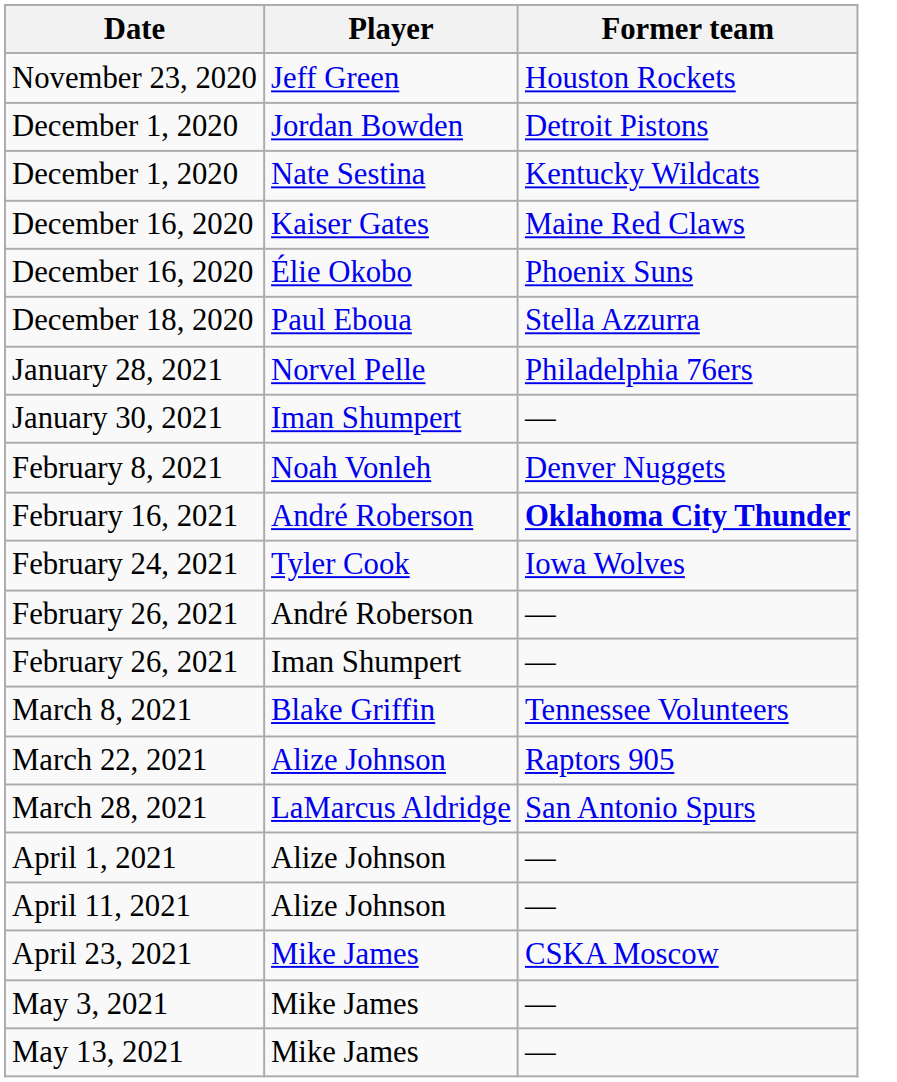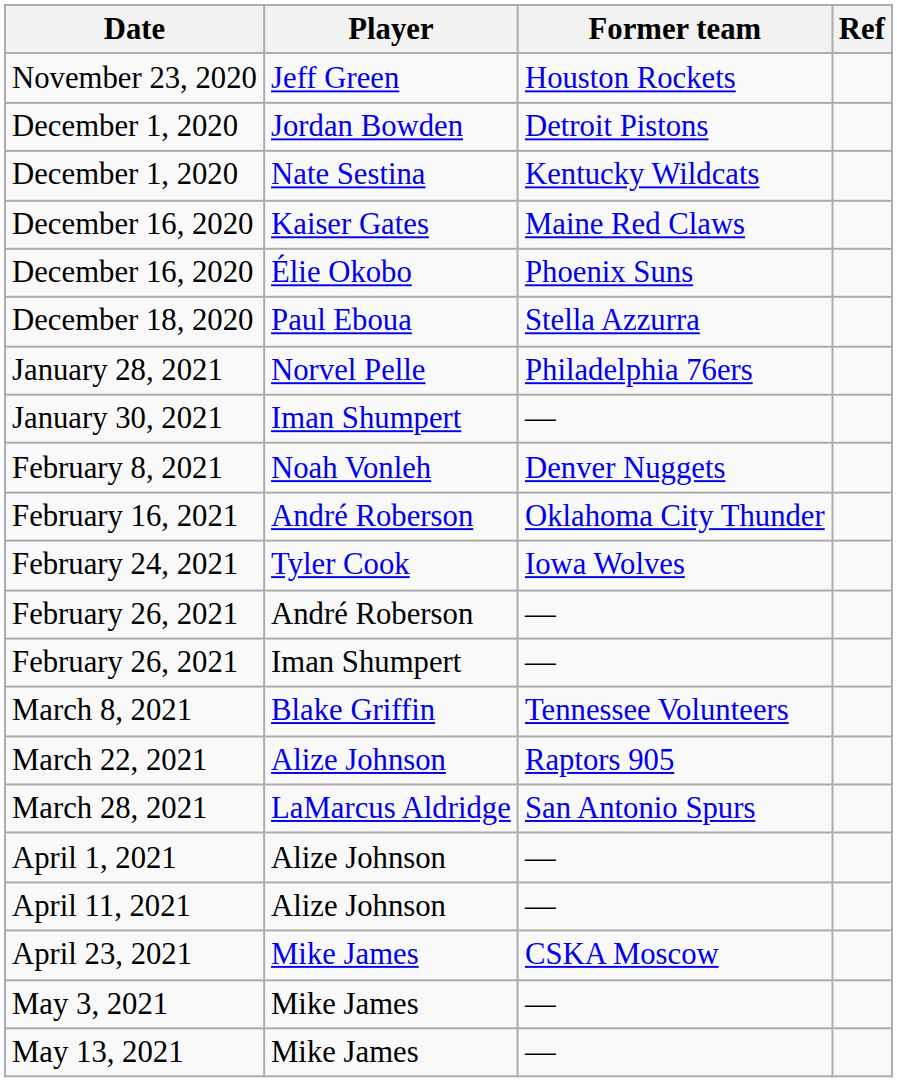 <table class="wikitable" style="text-align:left;">
 <tr>
 <th>Date</th>
 <th>Player</th>
 <th>Former team</th>
+<th>Ref</th>
 </tr>
 <tr>
 <td>November 23, 2020</td>
 <td><a href='#'>Jeff Green</a></td>
 <td><a href='#'>Houston Rockets</a></td>
+<td></td>
 </tr>
 <tr>
 <td>December 1, 2020</td>
 <td><a href='#'>Jordan Bowden</a></td>
 <td><a href='#'>Detroit Pistons</a></td>
+<td></td>
 </tr>
 <tr>
 <td>December 1, 2020</td>
 <td><a href='#'>Nate Sestina</a></td>
 <td><a href='#'>Kentucky Wildcats</a></td>
+<td></td>
 </tr>
 <tr>
 <td>December 16, 2020</td>
 <td><a href='#'>Kaiser Gates</a></td>
 <td><a href='#'>Maine Red Claws</a></td>
+<td></td>
 </tr>
 <tr>
 <td>December 16, 2020</td>
 <td><a href='#'>Élie Okobo</a></td>
 <td><a href='#'>Phoenix Suns</a></td>
+<td></td>
 </tr>
 <tr>
 <td>December 18, 2020</td>
 <td><a href='#'>Paul Eboua</a></td>
 <td><a href='#'>Stella Azzurra</a></td>
+<td></td>
 </tr>
 <tr>
 <td>January 28, 2021</td>
 <td><a href='#'>Norvel Pelle</a></td>
 <td><a href='#'>Philadelphia 76ers</a></td>
+<td></td>
 </tr>
 <tr>
 <td>January 30, 2021</td>
 <td><a href='#'>Iman Shumpert</a></td>
 <td>—</td>
+<td></td>
 </tr>
 <tr>
 <td>February 8, 2021</td>
 <td><a href='#'>Noah Vonleh</a></td>
 <td><a href='#'>Denver Nuggets</a></td>
+<td></td>
 </tr>
 <tr>
 <td>February 16, 2021</td>
 <td><a href='#'>André Roberson</a></td>
-<td><strong><a href='#'>Oklahoma City Thunder</a></strong></td>
+<td><a href='#'>Oklahoma City Thunder</a></td>
+<td></td>
 </tr>
 <tr>
 <td>February 24, 2021</td>
 <td><a href='#'>Tyler Cook</a></td>
 <td><a href='#'>Iowa Wolves</a></td>
+<td></td>
 </tr>
 <tr>
 <td>February 26, 2021</td>
 <td>André Roberson</td>
 <td>—</td>
+<td></td>
 </tr>
 <tr>
 <td>February 26, 2021</td>
 <td>Iman Shumpert</td>
 <td>—</td>
+<td></td>
 </tr>
 <tr>
 <td>March 8, 2021</td>
 <td><a href='#'>Blake Griffin</a></td>
 <td><a href='#'>Tennessee Volunteers</a></td>
+<td></td>
 </tr>
 <tr>
 <td>March 22, 2021</td>
 <td><a href='#'>Alize Johnson</a></td>
 <td><a href='#'>Raptors 905</a></td>
+<td></td>
 </tr>
 <tr>
 <td>March 28, 2021</td>
 <td><a href='#'>LaMarcus Aldridge</a></td>
 <td><a href='#'>San Antonio Spurs</a></td>
+<td></td>
 </tr>
 <tr>
 <td>April 1, 2021</td>
 <td>Alize Johnson</td>
 <td>—</td>
+<td></td>
 </tr>
 <tr>
 <td>April 11, 2021</td>
 <td>Alize Johnson</td>
 <td>—</td>
+<td></td>
 </tr>
 <tr>
 <td>April 23, 2021</td>
 <td><a href='#'>Mike James</a></td>
 <td><a href='#'>CSKA Moscow</a></td>
+<td></td>
 </tr>
 <tr>
 <td>May 3, 2021</td>
 <td>Mike James</td>
 <td>—</td>
+<td></td>
 </tr>
 <tr>
 <td>May 13, 2021</td>
 <td>Mike James</td>
 <td>—</td>
+<td></td>
 </tr>
 </table>
